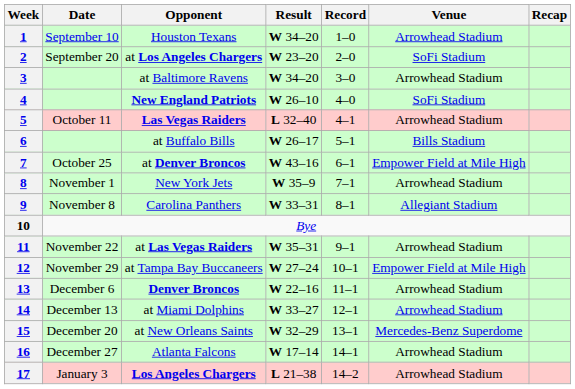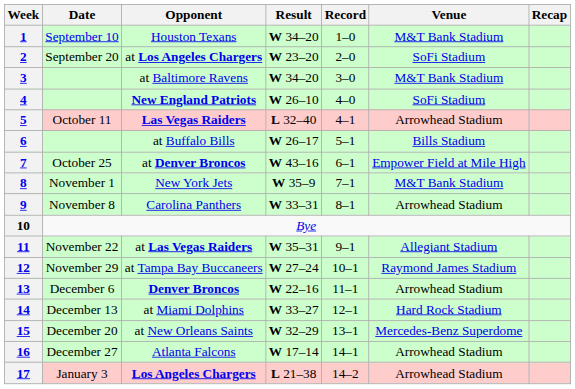 <table class="wikitable" style="text-align:center">
 <tr>
 <th>Week</th>
 <th>Date</th>
 <th>Opponent</th>
 <th>Result</th>
 <th>Record</th>
 <th>Venue</th>
 <th>Recap</th>
 </tr>
 <tr style="background:#cfc">
 <th><a href='#'>1</a></th>
 <td><a href='#'>September 10</a></td>
 <td><a href='#'>Houston Texans</a></td>
 <td><strong>W</strong> 34–20</td>
 <td>1–0</td>
-<td><a href='#'>Arrowhead Stadium</a></td>
+<td><a href='#'>M&T Bank Stadium</a></td>
 <td></td>
 </tr>
 <tr style="background:#cfc">
 <th><a href='#'>2</a></th>
 <td>September 20</td>
 <td>at <strong><a href='#'>Los Angeles Chargers</a></strong></td>
 <td><strong>W</strong> 23–20 </td>
 <td>2–0</td>
 <td><a href='#'>SoFi Stadium</a></td>
 <td></td>
 </tr>
 <tr style="background:#cfc">
 <th><a href='#'>3</a></th>
 <td></td>
 <td>at <a href='#'>Baltimore Ravens</a></td>
 <td><strong>W</strong> 34–20</td>
 <td>3–0</td>
-<td>Arrowhead Stadium</td>
+<td><a href='#'>M&T Bank Stadium</a></td>
 <td></td>
 </tr>
 <tr style="background:#cfc">
 <th><a href='#'>4</a></th>
 <td></td>
 <td><strong><a href='#'>New England Patriots</a></strong></td>
 <td><strong>W</strong> 26–10</td>
 <td>4–0</td>
 <td><a href='#'>SoFi Stadium</a></td>
 <td></td>
 </tr>
 <tr style="background:#fcc">
 <th><a href='#'>5</a></th>
 <td>October 11</td>
 <td><strong><a href='#'>Las Vegas Raiders</a></strong></td>
 <td><strong>L</strong> 32–40</td>
 <td>4–1</td>
 <td>Arrowhead Stadium</td>
 <td></td>
 </tr>
 <tr style="background:#cfc">
 <th><a href='#'>6</a></th>
 <td></td>
 <td>at <a href='#'>Buffalo Bills</a></td>
 <td><strong>W</strong> 26–17</td>
 <td>5–1</td>
 <td><a href='#'>Bills Stadium</a></td>
 <td></td>
 </tr>
 <tr style="background:#cfc">
 <th><a href='#'>7</a></th>
 <td>October 25</td>
 <td>at <strong><a href='#'>Denver Broncos</a></strong></td>
 <td><strong>W</strong> 43–16</td>
 <td>6–1</td>
 <td><a href='#'>Empower Field at Mile High</a></td>
 <td></td>
 </tr>
 <tr style="background:#cfc">
 <th><a href='#'>8</a></th>
 <td>November 1</td>
 <td><a href='#'>New York Jets</a></td>
 <td><strong>W</strong> 35–9</td>
 <td>7–1</td>
-<td>Arrowhead Stadium</td>
+<td><a href='#'>M&T Bank Stadium</a></td>
 <td></td>
 </tr>
 <tr style="background:#cfc">
 <th><a href='#'>9</a></th>
 <td>November 8</td>
 <td><a href='#'>Carolina Panthers</a></td>
 <td><strong>W</strong> 33–31</td>
 <td>8–1</td>
-<td><a href='#'>Allegiant Stadium</a></td>
+<td>Arrowhead Stadium</td>
 <td></td>
 </tr>
 <tr>
 <th>10</th>
 <td colspan="6"><em><a href='#'>Bye</a></em></td>
 </tr>
 <tr style="background:#cfc">
 <th><a href='#'>11</a></th>
 <td>November 22</td>
 <td>at <strong><a href='#'>Las Vegas Raiders</a></strong></td>
 <td><strong>W</strong> 35–31</td>
 <td>9–1</td>
-<td>Arrowhead Stadium</td>
+<td><a href='#'>Allegiant Stadium</a></td>
 <td></td>
 </tr>
 <tr style="background:#cfc">
 <th><a href='#'>12</a></th>
 <td>November 29</td>
 <td>at <a href='#'>Tampa Bay Buccaneers</a></td>
 <td><strong>W</strong> 27–24</td>
 <td>10–1</td>
-<td><a href='#'>Empower Field at Mile High</a></td>
+<td><a href='#'>Raymond James Stadium</a></td>
 <td></td>
 </tr>
 <tr style="background:#cfc">
 <th><a href='#'>13</a></th>
 <td>December 6</td>
 <td><strong><a href='#'>Denver Broncos</a></strong></td>
 <td><strong>W</strong> 22–16</td>
 <td>11–1</td>
 <td>Arrowhead Stadium</td>
 <td></td>
 </tr>
 <tr style="background:#cfc">
 <th><a href='#'>14</a></th>
 <td>December 13</td>
 <td>at <a href='#'>Miami Dolphins</a></td>
 <td><strong>W</strong> 33–27</td>
 <td>12–1</td>
-<td><a href='#'>Arrowhead Stadium</a></td>
+<td><a href='#'>Hard Rock Stadium</a></td>
 <td></td>
 </tr>
 <tr style="background:#cfc">
 <th><a href='#'>15</a></th>
 <td>December 20</td>
 <td>at <a href='#'>New Orleans Saints</a></td>
 <td><strong>W</strong> 32–29</td>
 <td>13–1</td>
 <td><a href='#'>Mercedes-Benz Superdome</a></td>
 <td></td>
 </tr>
 <tr style="background:#cfc">
 <th><a href='#'>16</a></th>
 <td>December 27</td>
 <td><a href='#'>Atlanta Falcons</a></td>
 <td><strong>W</strong> 17–14</td>
 <td>14–1</td>
 <td>Arrowhead Stadium</td>
 <td></td>
 </tr>
 <tr style="background:#fcc">
 <th><a href='#'>17</a></th>
 <td>January 3</td>
 <td><strong><a href='#'>Los Angeles Chargers</a></strong></td>
 <td><strong>L</strong> 21–38</td>
 <td>14–2</td>
 <td>Arrowhead Stadium</td>
 <td></td>
 </tr>
 </table>
